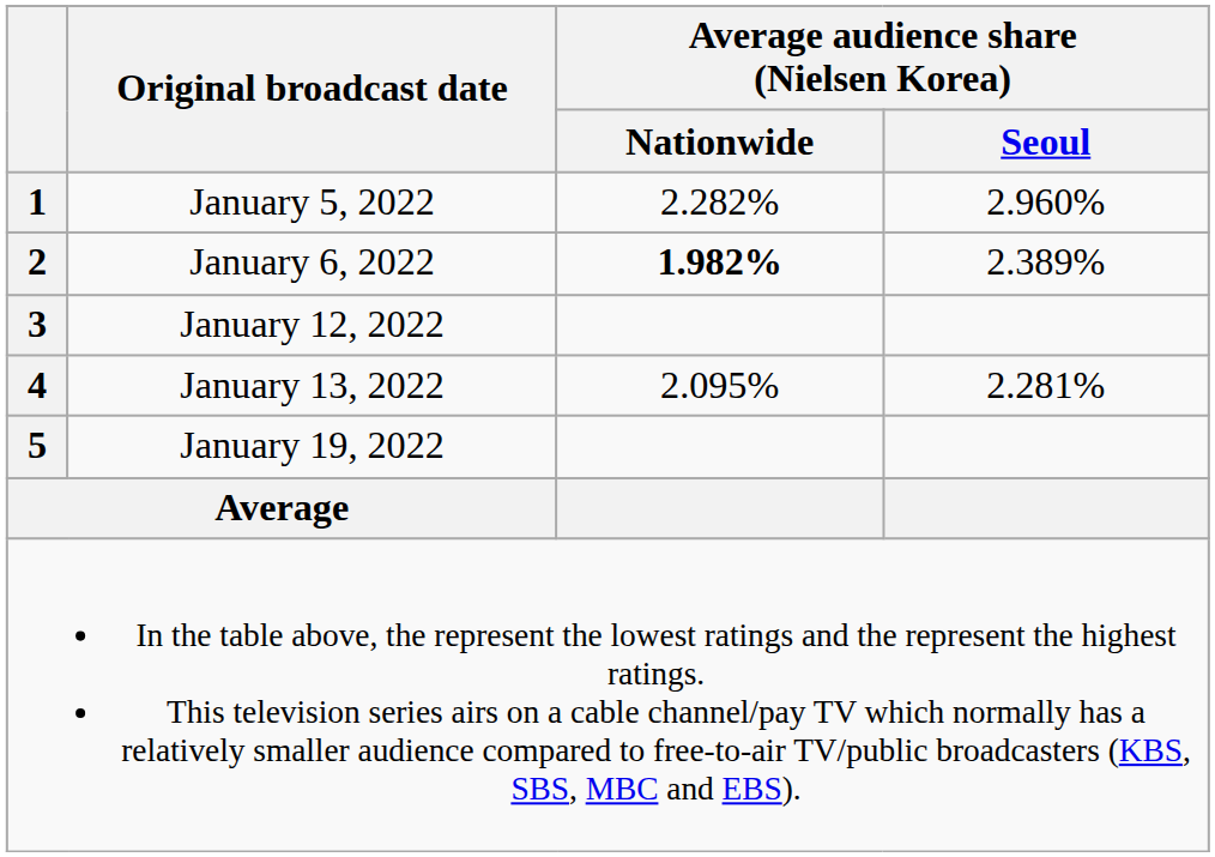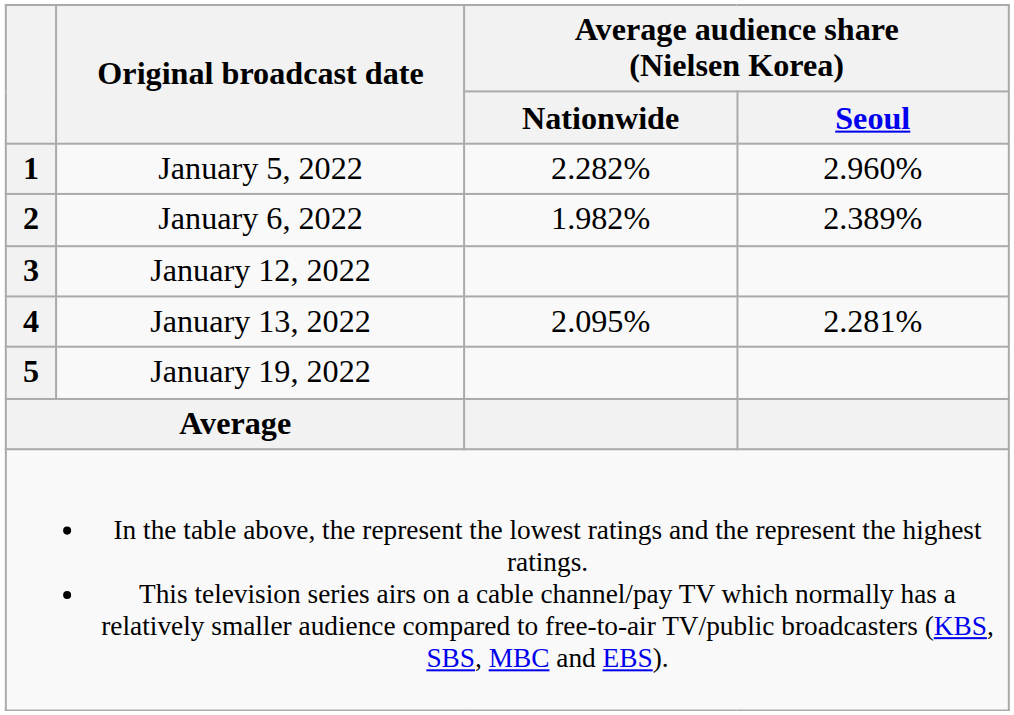 <table class="wikitable" style="text-align:center; max-width:500px; margin-left:auto; margin-right:auto">
 <tr>
 <th scope="col" rowspan="2"></th>
 <th scope="col" rowspan="2">Original broadcast date</th>
 <th scope="col" colspan="2">Average audience share<br>(Nielsen Korea)</th>
 </tr>
 <tr>
 <th scope="col" style="width:8em">Nationwide</th>
 <th scope="col" style="width:8em"><a href='#'>Seoul</a></th>
 </tr>
 <tr>
 <th scope="col">1</th>
 <td>January 5, 2022</td>
 <td>2.282% </td>
 <td>2.960% </td>
 </tr>
 <tr>
 <th scope="col">2</th>
 <td>January 6, 2022</td>
-<td><strong>1.982% </strong></td>
+<td>1.982% </td>
 <td>2.389% </td>
 </tr>
 <tr>
 <th scope="col">3</th>
 <td>January 12, 2022</td>
 <td><strong></strong> </td>
 <td><strong></strong> </td>
 </tr>
 <tr>
 <th scope="col">4</th>
 <td>January 13, 2022</td>
 <td>2.095% </td>
 <td>2.281% </td>
 </tr>
 <tr>
 <th scope="col">5</th>
 <td>January 19, 2022</td>
 <td><strong></strong> </td>
 <td><strong></strong> </td>
 </tr>
 <tr>
 <th scope="col" colspan="2">Average</th>
 <th scope="col"></th>
 <th scope="col"></th>
 </tr>
 <tr>
 <td colspan="4" style="font-size:85%"><br><ul><li>In the table above, the <strong></strong> represent the lowest ratings and the <strong></strong> represent the highest ratings.</li><li>This television series airs on a cable channel/pay TV which normally has a relatively smaller audience compared to free-to-air TV/public broadcasters (<a href='#'>KBS</a>, <a href='#'>SBS</a>, <a href='#'>MBC</a> and <a href='#'>EBS</a>).</li></ul></td>
 </tr>
 </table>
